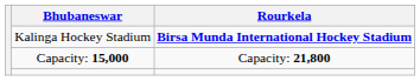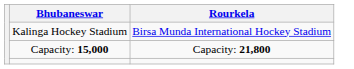 <table class="wikitable" style="text-align:center">
 <tr>
 <th rowspan="4"></th>
 <th><a href='#'>Bhubaneswar</a></th>
 <th><a href='#'>Rourkela</a></th>
 </tr>
 <tr>
 <td>Kalinga Hockey Stadium</td>
-<td><strong><a href='#'>Birsa Munda International Hockey Stadium</a></strong></td>
+<td><a href='#'>Birsa Munda International Hockey Stadium</a></td>
 </tr>
 <tr>
 <td>Capacity: <strong>15,000</strong></td>
 <td>Capacity: <strong>21,800</strong></td>
 </tr>
 <tr>
 <td></td>
 <td></td>
 </tr>
 </table>
